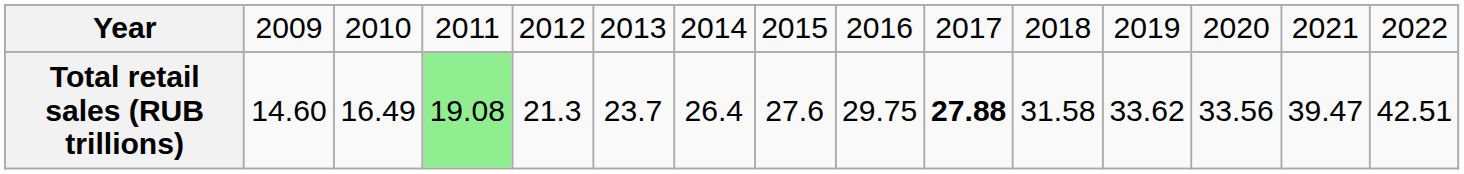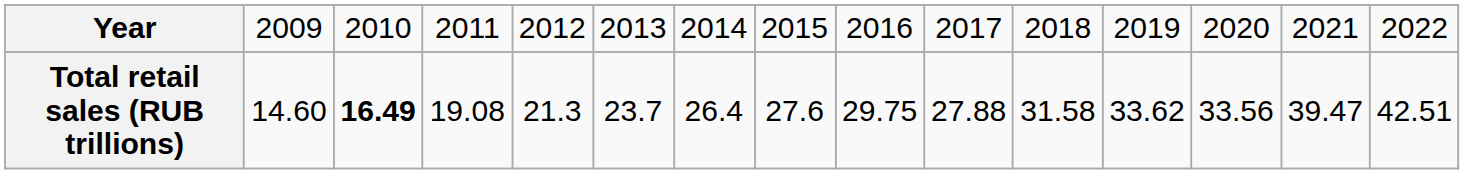 <table class="wikitable" style="text-align: center;">
 <tr>
 <th style="width:120px;"><strong>Year</strong></th>
 <td>2009</td>
 <td>2010</td>
 <td>2011</td>
 <td>2012</td>
 <td>2013</td>
 <td>2014</td>
 <td>2015</td>
 <td>2016</td>
 <td>2017</td>
 <td>2018</td>
 <td>2019</td>
 <td>2020</td>
 <td>2021</td>
 <td>2022</td>
 </tr>
 <tr>
 <th style="width:120px;"><strong>Total retail sales (RUB trillions)</strong></th>
 <td>14.60</td>
-<td>16.49</td>
-<td style="background: lightgreen;">19.08</td>
+<td><strong>16.49</strong></td>
+<td>19.08</td>
 <td>21.3</td>
 <td>23.7</td>
 <td>26.4</td>
 <td>27.6</td>
 <td>29.75</td>
-<td><strong>27.88</strong></td>
+<td>27.88</td>
 <td>31.58</td>
 <td>33.62</td>
 <td>33.56</td>
 <td>39.47</td>
 <td>42.51</td>
 </tr>
 </table>
